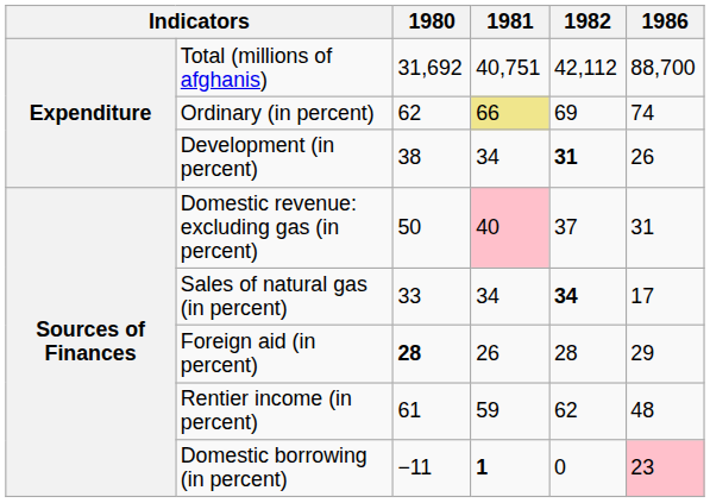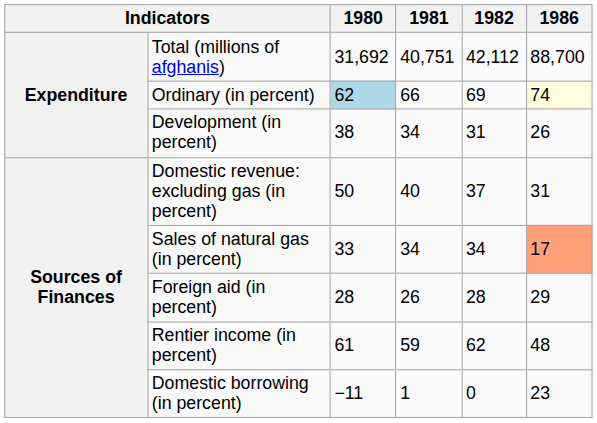 <table class="wikitable" width=60% style="float:right; margin:0 15px;">
 <tr>
 <th colspan="2" width=30%>Indicators</th>
 <th width=1%>1980</th>
 <th width=1%>1981</th>
 <th width=1%>1982</th>
 <th width=1%>1986</th>
 </tr>
 <tr>
 <th rowspan="3"><strong>Expenditure</strong></th>
 <td>Total (millions of <a href='#'>afghanis</a>)</td>
 <td>31,692</td>
 <td>40,751</td>
 <td>42,112</td>
 <td>88,700</td>
 </tr>
 <tr>
 <td>Ordinary (in percent)</td>
-<td>62</td>
-<td style="background: khaki;">66</td>
+<td style="background: lightblue;">62</td>
+<td>66</td>
 <td>69</td>
-<td>74</td>
+<td style="background: lightyellow;">74</td>
 </tr>
 <tr>
 <td>Development (in percent)</td>
 <td>38</td>
 <td>34</td>
-<td><strong>31</strong></td>
+<td>31</td>
 <td>26</td>
 </tr>
 <tr>
 <th rowspan="5"><strong>Sources of Finances</strong></th>
 <td>Domestic revenue: excluding gas (in percent)</td>
 <td>50</td>
-<td style="background: pink;">40</td>
+<td>40</td>
 <td>37</td>
 <td>31</td>
 </tr>
 <tr>
 <td>Sales of natural gas (in percent)</td>
 <td>33</td>
 <td>34</td>
-<td><strong>34</strong></td>
-<td>17</td>
+<td>34</td>
+<td style="background: lightsalmon;">17</td>
 </tr>
 <tr>
 <td>Foreign aid (in percent)</td>
-<td><strong>28</strong></td>
+<td>28</td>
 <td>26</td>
 <td>28</td>
 <td>29</td>
 </tr>
 <tr>
 <td>Rentier income (in percent)</td>
 <td>61</td>
 <td>59</td>
 <td>62</td>
 <td>48</td>
 </tr>
 <tr>
 <td>Domestic borrowing (in percent)</td>
 <td>−11</td>
-<td><strong>1</strong></td>
+<td>1</td>
 <td>0</td>
-<td style="background: pink;">23</td>
+<td>23</td>
 </tr>
 </table>
